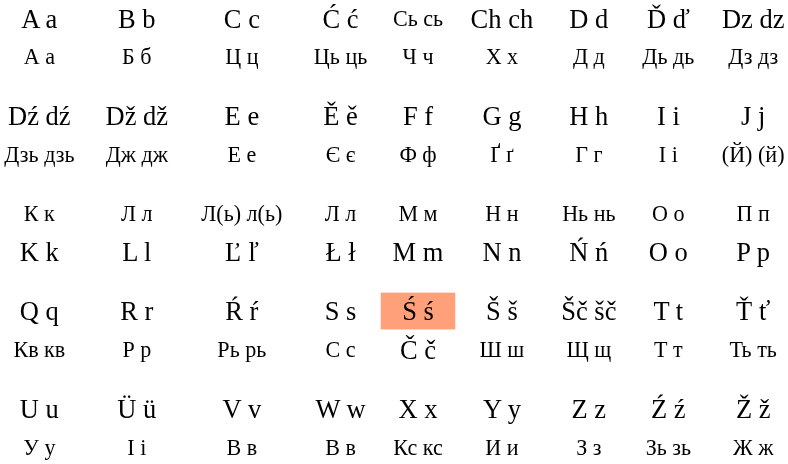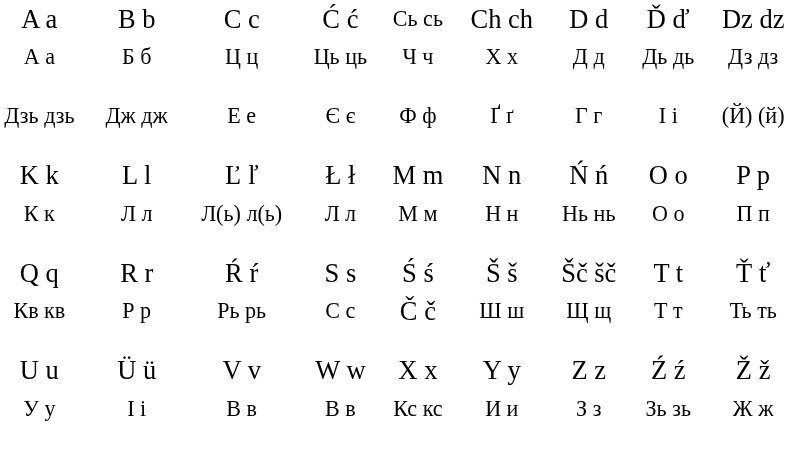 <table border="0" style="text-align: center; width: 100%;">
 <tr>
 <td colspan=9 style="text-align:center; height:1em"> </td>
 </tr>
 <tr align="center" style="height:2.5em;">
 <td style="text-align: center; font-size: 1.8em; font-family: serif;">A a</td>
 <td style="text-align: center; font-size: 1.8em; font-family: serif;">B b</td>
 <td style="text-align: center; font-size: 1.8em; font-family: serif;">C c</td>
 <td style="text-align: center; font-size: 1.8em; font-family: serif;">Ć ć</td>
 <td style="text-align: center; font-size: 1.5em; font-family: serif;">Сь сь</td>
 <td style="text-align: center; font-size: 1.8em; font-family: serif;">Ch ch</td>
 <td style="text-align: center; font-size: 1.8em; font-family: serif;">D d</td>
 <td style="text-align: center; font-size: 1.8em; font-family: serif;">Ď ď</td>
 <td style="text-align: center; font-size: 1.8em; font-family: serif;">Dz dz</td>
 </tr>
 <tr align="center" style="height:2.5em;">
 <td style="text-align: center; font-size: 1.5em; font-family: serif;">А а</td>
 <td style="text-align: center; font-size: 1.5em; font-family: serif;">Б б</td>
 <td style="text-align: center; font-size: 1.5em; font-family: serif;">Ц ц</td>
 <td style="text-align: center; font-size: 1.5em; font-family: serif;">Ць ць</td>
 <td style="text-align: center; font-size: 1.5em; font-family: serif;">Ч ч</td>
 <td style="text-align: center; font-size: 1.5em; font-family: serif;">Х х</td>
 <td style="text-align: center; font-size: 1.5em; font-family: serif;">Д д</td>
 <td style="text-align: center; font-size: 1.5em; font-family: serif;">Дь дь</td>
 <td style="text-align: center; font-size: 1.5em; font-family: serif;">Дз дз</td>
 </tr>
 <tr>
 <td colspan=9 style="text-align:center; height:1em"> </td>
 </tr>
 <tr align="center" style="height:2.5em;">
-<td style="text-align: center; font-size: 1.8em; font-family: serif;">Dź dź</td>
-<td style="text-align: center; font-size: 1.8em; font-family: serif;">Dž dž</td>
-<td style="text-align: center; font-size: 1.8em; font-family: serif;">E e</td>
-<td style="text-align: center; font-size: 1.8em; font-family: serif;">Ě ě</td>
-<td style="text-align: center; font-size: 1.8em; font-family: serif;">F f</td>
-<td style="text-align: center; font-size: 1.8em; font-family: serif;">G g</td>
-<td style="text-align: center; font-size: 1.8em; font-family: serif;">H h</td>
-<td style="text-align: center; font-size: 1.8em; font-family: serif;">I i</td>
-<td style="text-align: center; font-size: 1.8em; font-family: serif;">J j</td>
-</tr>
-<tr align="center" style="height:2.5em;">
 <td style="text-align: center; font-size: 1.5em; font-family: serif;">Дзь дзь</td>
 <td style="text-align: center; font-size: 1.5em; font-family: serif;">Дж дж</td>
 <td style="text-align: center; font-size: 1.5em; font-family: serif;">Е е</td>
 <td style="text-align: center; font-size: 1.5em; font-family: serif;">Є є</td>
 <td style="text-align: center; font-size: 1.5em; font-family: serif;">Ф ф</td>
 <td style="text-align: center; font-size: 1.5em; font-family: serif;">Ґ ґ</td>
 <td style="text-align: center; font-size: 1.5em; font-family: serif;">Г г</td>
 <td style="text-align: center; font-size: 1.5em; font-family: serif;">І і</td>
 <td style="text-align: center; font-size: 1.5em; font-family: serif;">(Й) (й)</td>
 </tr>
 <tr>
 <td colspan=9 style="text-align:center; height:1em"> </td>
 </tr>
 <tr align="center" style="height:2.5em;">
+<td style="text-align: center; font-size: 1.8em; font-family: serif;">K k</td>
+<td style="text-align: center; font-size: 1.8em; font-family: serif;">L l</td>
+<td style="text-align: center; font-size: 1.8em; font-family: serif;">Ľ ľ</td>
+<td style="text-align: center; font-size: 1.8em; font-family: serif;">Ł ł</td>
+<td style="text-align: center; font-size: 1.8em; font-family: serif;">M m</td>
+<td style="text-align: center; font-size: 1.8em; font-family: serif;">N n</td>
+<td style="text-align: center; font-size: 1.8em; font-family: serif;">Ń ń</td>
+<td style="text-align: center; font-size: 1.8em; font-family: serif;">O o</td>
+<td style="text-align: center; font-size: 1.8em; font-family: serif;">P p</td>
+</tr>
+<tr align="center" style="height:2.5em;">
 <td style="text-align: center; font-size: 1.5em; font-family: serif;">К к</td>
 <td style="text-align: center; font-size: 1.5em; font-family: serif;">Л л</td>
 <td style="text-align: center; font-size: 1.5em; font-family: serif;">Л(ь) л(ь)</td>
 <td style="text-align: center; font-size: 1.5em; font-family: serif;">Л л</td>
 <td style="text-align: center; font-size: 1.5em; font-family: serif;">М м</td>
 <td style="text-align: center; font-size: 1.5em; font-family: serif;">Н н</td>
 <td style="text-align: center; font-size: 1.5em; font-family: serif;">Нь нь</td>
 <td style="text-align: center; font-size: 1.5em; font-family: serif;">О о</td>
 <td style="text-align: center; font-size: 1.5em; font-family: serif;">П п</td>
 </tr>
-<tr align="center" style="height:2.5em;">
-<td style="text-align: center; font-size: 1.8em; font-family: serif;">K k</td>
-<td style="text-align: center; font-size: 1.8em; font-family: serif;">L l</td>
-<td style="text-align: center; font-size: 1.8em; font-family: serif;">Ľ ľ</td>
-<td style="text-align: center; font-size: 1.8em; font-family: serif;">Ł ł</td>
-<td style="text-align: center; font-size: 1.8em; font-family: serif;">M m</td>
-<td style="text-align: center; font-size: 1.8em; font-family: serif;">N n</td>
-<td style="text-align: center; font-size: 1.8em; font-family: serif;">Ń ń</td>
-<td style="text-align: center; font-size: 1.8em; font-family: serif;">O o</td>
-<td style="text-align: center; font-size: 1.8em; font-family: serif;">P p</td>
-</tr>
 <tr>
 <td colspan=9 style="text-align:center; height:1em"> </td>
 </tr>
 <tr align="center" style="height:2.5em;">
 <td style="text-align: center; font-size: 1.8em; font-family: serif;">Q q</td>
 <td style="text-align: center; font-size: 1.8em; font-family: serif;">R r</td>
 <td style="text-align: center; font-size: 1.8em; font-family: serif;">Ŕ ŕ</td>
 <td style="text-align: center; font-size: 1.8em; font-family: serif;">S s</td>
-<td style="background: lightsalmon; text-align: center; font-size: 1.8em; font-family: serif;">Ś ś</td>
+<td style="text-align: center; font-size: 1.8em; font-family: serif;">Ś ś</td>
 <td style="text-align: center; font-size: 1.8em; font-family: serif;">Š š</td>
 <td style="text-align: center; font-size: 1.8em; font-family: serif;">Šč šč</td>
 <td style="text-align: center; font-size: 1.8em; font-family: serif;">T t</td>
 <td style="text-align: center; font-size: 1.8em; font-family: serif;">Ť ť</td>
 </tr>
 <tr align="center" style="height:2.5em;">
 <td style="text-align: center; font-size: 1.5em; font-family: serif;">Кв кв</td>
 <td style="text-align: center; font-size: 1.5em; font-family: serif;">Р р</td>
 <td style="text-align: center; font-size: 1.5em; font-family: serif;">Рь рь</td>
 <td style="text-align: center; font-size: 1.5em; font-family: serif;">С с</td>
 <td style="text-align: center; font-size: 1.8em; font-family: serif;">Č č</td>
 <td style="text-align: center; font-size: 1.5em; font-family: serif;">Ш ш</td>
 <td style="text-align: center; font-size: 1.5em; font-family: serif;">Щ щ</td>
 <td style="text-align: center; font-size: 1.5em; font-family: serif;">Т т</td>
 <td style="text-align: center; font-size: 1.5em; font-family: serif;">Ть ть</td>
 </tr>
 <tr>
 <td colspan=9 style="text-align:center; height:1em"> </td>
 </tr>
 <tr align="center" style="height:2.5em;">
 <td style="text-align: center; font-size: 1.8em; font-family: serif;">U u</td>
 <td style="text-align: center; font-size: 1.8em; font-family: serif;">Ü ü</td>
 <td style="text-align: center; font-size: 1.8em; font-family: serif;">V v</td>
 <td style="text-align: center; font-size: 1.8em; font-family: serif;">W w</td>
 <td style="text-align: center; font-size: 1.8em; font-family: serif;">X x</td>
 <td style="text-align: center; font-size: 1.8em; font-family: serif;">Y y</td>
 <td style="text-align: center; font-size: 1.8em; font-family: serif;">Z z</td>
 <td style="text-align: center; font-size: 1.8em; font-family: serif;">Ź ź</td>
 <td style="text-align: center; font-size: 1.8em; font-family: serif;">Ž ž</td>
 </tr>
 <tr align="center" style="height:2.5em;">
 <td style="text-align: center; font-size: 1.5em; font-family: serif;">У у</td>
 <td style="text-align: center; font-size: 1.5em; font-family: serif;">І і</td>
 <td style="text-align: center; font-size: 1.5em; font-family: serif;">В в</td>
 <td style="text-align: center; font-size: 1.5em; font-family: serif;">В в</td>
 <td style="text-align: center; font-size: 1.5em; font-family: serif;">Кс кс</td>
 <td style="text-align: center; font-size: 1.5em; font-family: serif;">И и</td>
 <td style="text-align: center; font-size: 1.5em; font-family: serif;">З з</td>
 <td style="text-align: center; font-size: 1.5em; font-family: serif;">Зь зь</td>
 <td style="text-align: center; font-size: 1.5em; font-family: serif;">Ж ж</td>
 </tr>
 <tr>
 <td colspan=9 style="text-align:center; height:1em"> </td>
 </tr>
 </table>
